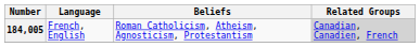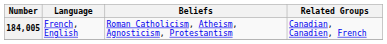 <table class="wikitable">
 <tr>
 <th>Number</th>
 <th>Language</th>
 <th>Beliefs</th>
 <th>Related Groups</th>
 </tr>
 <tr>
 <th>184,005</th>
 <td><a href='#'>French</a>, <a href='#'>English</a></td>
 <td><a href='#'>Roman Catholicism</a>, <a href='#'>Atheism</a>, <a href='#'>Agnosticism</a>, <a href='#'>Protestantism</a></td>
-<td style="background: lightgrey;"><a href='#'>Canadian</a>, <a href='#'>Canadien</a>, <a href='#'>French</a></td>
+<td><a href='#'>Canadian</a>, <a href='#'>Canadien</a>, <a href='#'>French</a></td>
 </tr>
 <tr>
 </tr>
 </table>
